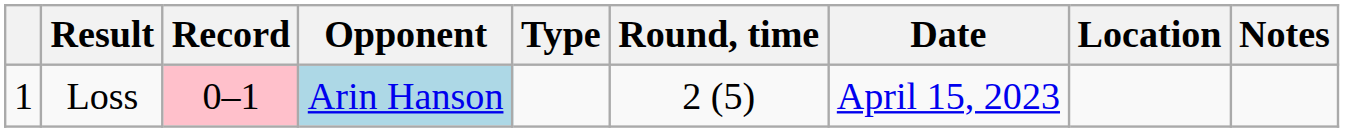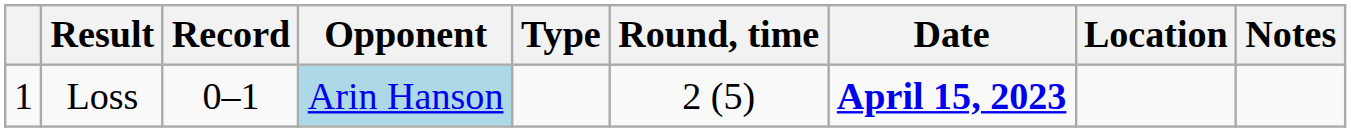 <table class="wikitable" style="text-align:center">
 <tr>
 <th></th>
 <th>Result</th>
 <th>Record</th>
 <th>Opponent</th>
 <th>Type</th>
 <th>Round, time</th>
 <th>Date</th>
 <th>Location</th>
 <th>Notes</th>
 </tr>
 <tr>
 <td>1</td>
 <td>Loss</td>
-<td style="background: pink;">0–1</td>
+<td>0–1</td>
 <td style="background: lightblue; text-align:left;"><a href='#'>Arin Hanson</a></td>
 <td></td>
 <td>2 (5)</td>
-<td><a href='#'>April 15, 2023</a></td>
+<td><strong><a href='#'>April 15, 2023</a></strong></td>
 <td style="text-align:left;"></td>
 </tr>
 </table>
